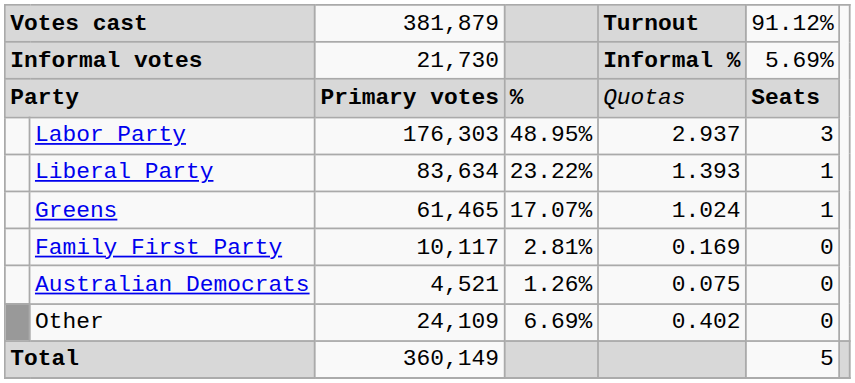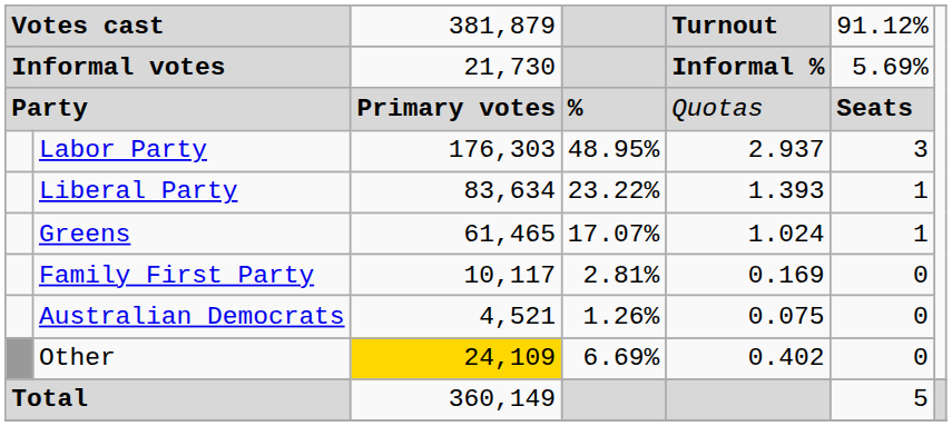 <table class="wikitable">
 <tr>
 <td colspan=2 bgcolor="#D8D8D8"><strong>Votes cast</strong></td>
 <td align="right">381,879</td>
 <td width="33" bgcolor="#D8D8D8"></td>
 <td bgcolor="#D8D8D8" width="67"><strong>Turnout</strong></td>
 <td align="right">91.12%</td>
 </tr>
 <tr>
 <td colspan="2" bgcolor="#D8D8D8"><strong>Informal votes</strong></td>
 <td align="right">21,730</td>
 <td width="33" bgcolor="#D8D8D8"></td>
 <td bgcolor="#D8D8D8"><strong>Informal %</strong></td>
 <td align="right">5.69%</td>
 </tr>
 <tr>
 <td colspan="2" bgcolor="#D8D8D8"><strong>Party</strong></td>
 <td bgcolor="#D8D8D8"><strong>Primary votes</strong></td>
 <td bgcolor="#D8D8D8"><strong>%</strong></td>
 <td bgcolor="#D8D8D8"><em>Quotas</em></td>
 <td bgcolor="#D8D8D8"><strong>Seats</strong></td>
 </tr>
 <tr>
 <td> </td>
 <td><a href='#'>Labor Party</a></td>
 <td align="right">176,303</td>
 <td align="right">48.95%</td>
 <td align="right">2.937</td>
 <td align="right">3</td>
 </tr>
 <tr>
 <td> </td>
 <td><a href='#'>Liberal Party</a></td>
 <td align="right">83,634</td>
 <td align="right">23.22%</td>
 <td align="right">1.393</td>
 <td align="right">1</td>
 </tr>
 <tr>
 <td> </td>
 <td><a href='#'>Greens</a></td>
 <td align="right">61,465</td>
 <td align="right">17.07%</td>
 <td align="right">1.024</td>
 <td align="right">1</td>
 </tr>
 <tr>
 <td> </td>
 <td><a href='#'>Family First Party</a></td>
 <td align="right">10,117</td>
 <td align="right">2.81%</td>
 <td align="right">0.169</td>
 <td align="right">0</td>
 </tr>
 <tr>
 <td> </td>
 <td><a href='#'>Australian Democrats</a></td>
 <td align="right">4,521</td>
 <td align="right">1.26%</td>
 <td align="right">0.075</td>
 <td align="right">0</td>
 </tr>
 <tr>
 <td bgcolor="#999999"> </td>
 <td>Other</td>
-<td align="right">24,109</td>
+<td align="right" style="background: gold;">24,109</td>
 <td align="right">6.69%</td>
 <td align="right">0.402</td>
 <td align="right">0</td>
 </tr>
 <tr>
 <td colspan="2" bgcolor="#D8D8D8"><strong>Total</strong></td>
 <td align="right">360,149</td>
 <td bgcolor="#D8D8D8"></td>
 <td bgcolor="#D8D8D8"></td>
 <td align="right">5</td>
 <td bgcolor="#D8D8D8"></td>
 </tr>
 <tr>
 </tr>
 </table>
